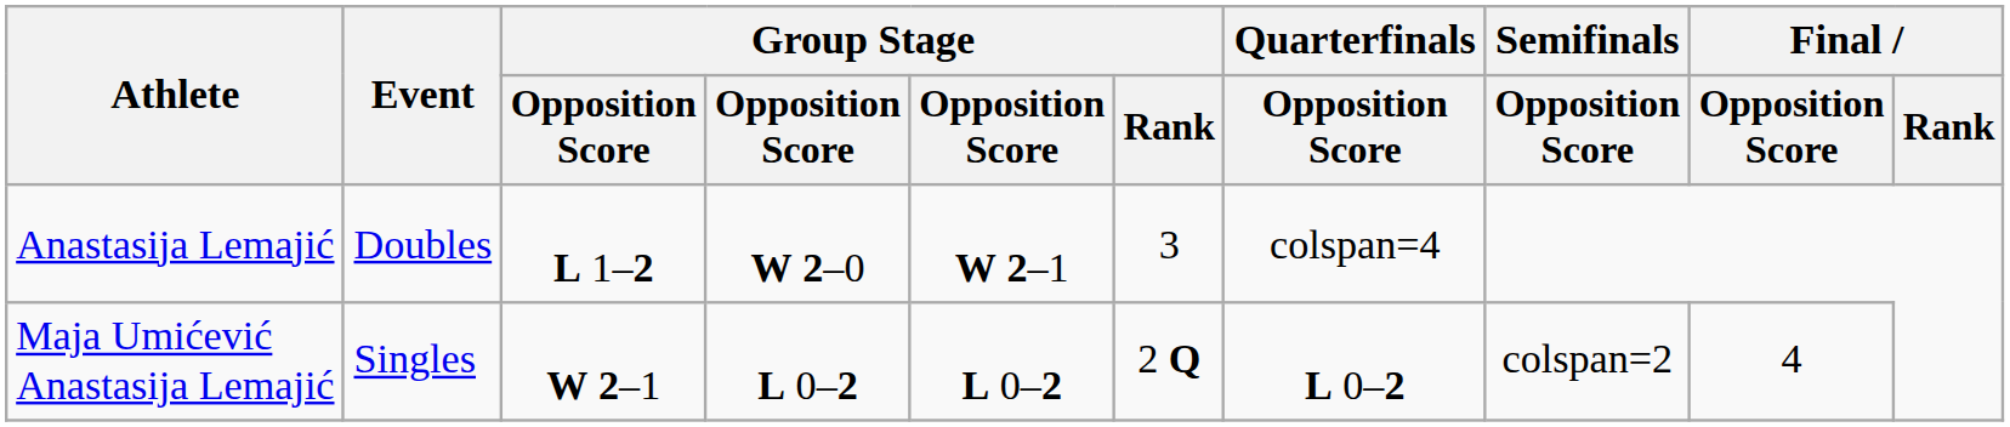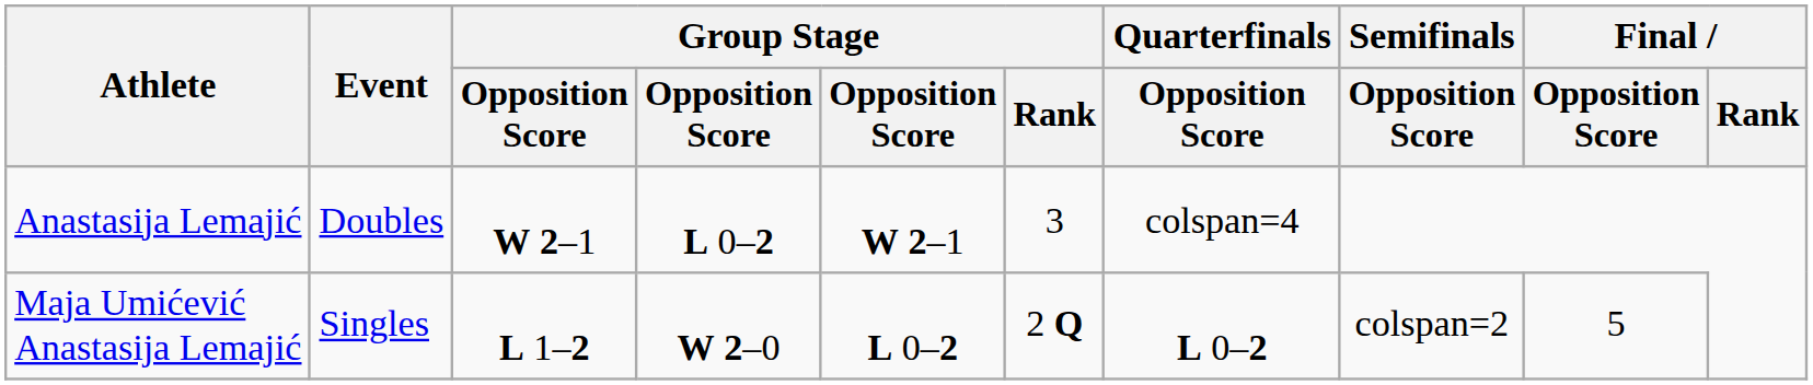 <table class=wikitable style="font-size:90%">
 <tr>
 <th rowspan="2">Athlete</th>
 <th rowspan="2">Event</th>
 <th colspan=4>Group Stage</th>
 <th>Quarterfinals</th>
 <th>Semifinals</th>
 <th colspan=2>Final / </th>
 </tr>
 <tr style="font-size:95%">
 <th>Opposition<br>Score</th>
 <th>Opposition<br>Score</th>
 <th>Opposition<br>Score</th>
 <th>Rank</th>
 <th>Opposition<br>Score</th>
 <th>Opposition<br>Score</th>
 <th>Opposition<br>Score</th>
 <th>Rank</th>
 </tr>
 <tr align=center>
 <td align=left><a href='#'>Anastasija Lemajić</a></td>
 <td align=left><a href='#'>Doubles</a></td>
-<td><br><strong>L</strong> 1–<strong>2</strong></td>
-<td><br><strong>W</strong> <strong>2</strong>–0</td>
+<td><br><strong>W</strong> <strong>2</strong>–1</td>
+<td><br><strong>L</strong> 0–<strong>2</strong></td>
 <td><br><strong>W</strong> <strong>2</strong>–1</td>
 <td>3</td>
 <td>colspan=4 </td>
 </tr>
 <tr align=center>
 <td align=left><a href='#'>Maja Umićević</a><br><a href='#'>Anastasija Lemajić</a></td>
 <td align=left><a href='#'>Singles</a></td>
-<td><br><strong>W</strong> <strong>2</strong>–1</td>
-<td><br><strong>L</strong> 0–<strong>2</strong></td>
+<td><br><strong>L</strong> 1–<strong>2</strong></td>
+<td><br><strong>W</strong> <strong>2</strong>–0</td>
 <td><br><strong>L</strong> 0–<strong>2</strong></td>
 <td>2 <strong>Q</strong></td>
 <td><br><strong>L</strong> 0–<strong>2</strong></td>
 <td>colspan=2 </td>
-<td>4</td>
+<td>5</td>
 </tr>
 </table>
